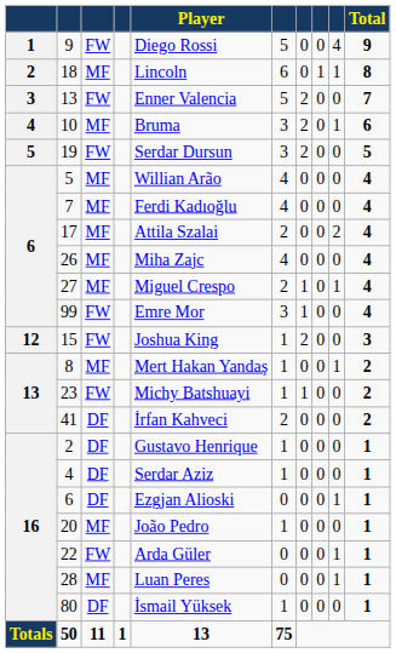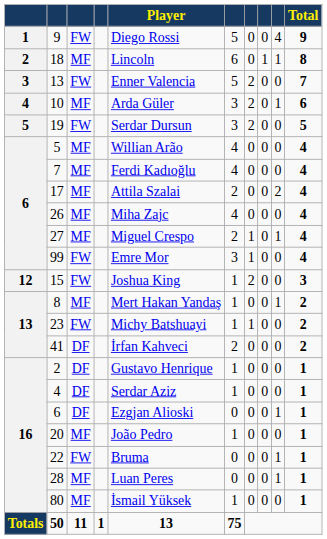 <table class="wikitable" style="text-align:center">
 <tr>
 <th style="background:#163962; color:#FFF000; "></th>
 <th style="background:#163962; color:#FFF000; "></th>
 <th style="background:#163962; color:#FFF000; "></th>
 <th style="background:#163962; color:#FFF000; "></th>
 <th style="background:#163962; color:#FFF000; ">Player</th>
 <th style="background:#163962; color:#FFF000; "></th>
 <th style="background:#163962; color:#FFF000; "></th>
 <th style="background:#163962; color:#FFF000; "></th>
 <th style="background:#163962; color:#FFF000; "></th>
 <th style="background:#163962; color:#FFF000; ">Total</th>
 </tr>
 <tr>
 <th>1</th>
 <td>9</td>
 <td><a href='#'>FW</a></td>
 <td></td>
 <td align=left><a href='#'>Diego Rossi</a></td>
 <td>5</td>
 <td>0</td>
 <td>0</td>
 <td>4</td>
 <td><strong>9</strong></td>
 </tr>
 <tr>
 <th rowspan="1">2</th>
 <td>18</td>
 <td><a href='#'>MF</a></td>
 <td></td>
 <td align=left><a href='#'>Lincoln</a></td>
 <td>6</td>
 <td>0</td>
 <td>1</td>
 <td>1</td>
 <td><strong>8</strong></td>
 </tr>
 <tr>
 <th rowspan="1">3</th>
 <td>13</td>
 <td><a href='#'>FW</a></td>
 <td></td>
 <td align=left><a href='#'>Enner Valencia</a></td>
 <td>5</td>
 <td>2</td>
 <td>0</td>
 <td>0</td>
 <td><strong>7</strong></td>
 </tr>
 <tr>
 <th rowspan="1">4</th>
 <td>10</td>
 <td><a href='#'>MF</a></td>
 <td></td>
-<td align=left><a href='#'>Bruma</a></td>
+<td align=left><a href='#'>Arda Güler</a></td>
 <td>3</td>
 <td>2</td>
 <td>0</td>
 <td>1</td>
 <td><strong>6</strong></td>
 </tr>
 <tr>
 <th rowspan="1">5</th>
 <td>19</td>
 <td><a href='#'>FW</a></td>
 <td></td>
 <td align=left><a href='#'>Serdar Dursun</a></td>
 <td>3</td>
 <td>2</td>
 <td>0</td>
 <td>0</td>
 <td><strong>5</strong></td>
 </tr>
 <tr>
 <th rowspan="6">6</th>
 <td>5</td>
 <td><a href='#'>MF</a></td>
 <td></td>
 <td align=left><a href='#'>Willian Arão</a></td>
 <td>4</td>
 <td>0</td>
 <td>0</td>
 <td>0</td>
 <td><strong>4</strong></td>
 </tr>
 <tr>
 <td>7</td>
 <td><a href='#'>MF</a></td>
 <td></td>
 <td align=left><a href='#'>Ferdi Kadıoğlu</a></td>
 <td>4</td>
 <td>0</td>
 <td>0</td>
 <td>0</td>
 <td><strong>4</strong></td>
 </tr>
 <tr>
 <td>17</td>
 <td><a href='#'>MF</a></td>
 <td></td>
 <td align=left><a href='#'>Attila Szalai</a></td>
 <td>2</td>
 <td>0</td>
 <td>0</td>
 <td>2</td>
 <td><strong>4</strong></td>
 </tr>
 <tr>
 <td>26</td>
 <td><a href='#'>MF</a></td>
 <td></td>
 <td align=left><a href='#'>Miha Zajc</a></td>
 <td>4</td>
 <td>0</td>
 <td>0</td>
 <td>0</td>
 <td><strong>4</strong></td>
 </tr>
 <tr>
 <td>27</td>
 <td><a href='#'>MF</a></td>
 <td></td>
 <td align=left><a href='#'>Miguel Crespo</a></td>
 <td>2</td>
 <td>1</td>
 <td>0</td>
 <td>1</td>
 <td><strong>4</strong></td>
 </tr>
 <tr>
 <td>99</td>
 <td><a href='#'>FW</a></td>
 <td></td>
 <td align=left><a href='#'>Emre Mor</a></td>
 <td>3</td>
 <td>1</td>
 <td>0</td>
 <td>0</td>
 <td><strong>4</strong></td>
 </tr>
 <tr>
 <th rowspan="1">12</th>
 <td>15</td>
 <td><a href='#'>FW</a></td>
 <td></td>
 <td align=left><a href='#'>Joshua King</a></td>
 <td>1</td>
 <td>2</td>
 <td>0</td>
 <td>0</td>
 <td><strong>3</strong></td>
 </tr>
 <tr>
 <th rowspan="3">13</th>
 <td>8</td>
 <td><a href='#'>MF</a></td>
 <td></td>
 <td align=left><a href='#'>Mert Hakan Yandaş</a></td>
 <td>1</td>
 <td>0</td>
 <td>0</td>
 <td>1</td>
 <td><strong>2</strong></td>
 </tr>
 <tr>
 <td>23</td>
 <td><a href='#'>FW</a></td>
 <td></td>
 <td align=left><a href='#'>Michy Batshuayi</a></td>
 <td>1</td>
 <td>1</td>
 <td>0</td>
 <td>0</td>
 <td><strong>2</strong></td>
 </tr>
 <tr>
 <td>41</td>
 <td><a href='#'>DF</a></td>
 <td></td>
 <td align=left><a href='#'>İrfan Kahveci</a></td>
 <td>2</td>
 <td>0</td>
 <td>0</td>
 <td>0</td>
 <td><strong>2</strong></td>
 </tr>
 <tr>
 <th rowspan="7">16</th>
 <td>2</td>
 <td><a href='#'>DF</a></td>
 <td></td>
 <td align=left><a href='#'>Gustavo Henrique</a></td>
 <td>1</td>
 <td>0</td>
 <td>0</td>
 <td>0</td>
 <td><strong>1</strong></td>
 </tr>
 <tr>
 <td>4</td>
 <td><a href='#'>DF</a></td>
 <td></td>
 <td align=left><a href='#'>Serdar Aziz</a></td>
 <td>1</td>
 <td>0</td>
 <td>0</td>
 <td>0</td>
 <td><strong>1</strong></td>
 </tr>
 <tr>
 <td>6</td>
 <td><a href='#'>DF</a></td>
 <td></td>
 <td align=left><a href='#'>Ezgjan Alioski</a></td>
 <td>0</td>
 <td>0</td>
 <td>0</td>
 <td>1</td>
 <td><strong>1</strong></td>
 </tr>
 <tr>
 <td>20</td>
 <td><a href='#'>MF</a></td>
 <td></td>
 <td align=left><a href='#'>João Pedro</a></td>
 <td>1</td>
 <td>0</td>
 <td>0</td>
 <td>0</td>
 <td><strong>1</strong></td>
 </tr>
 <tr>
 <td>22</td>
 <td><a href='#'>FW</a></td>
 <td></td>
-<td align=left><a href='#'>Arda Güler</a></td>
+<td align=left><a href='#'>Bruma</a></td>
 <td>0</td>
 <td>0</td>
 <td>0</td>
 <td>1</td>
 <td><strong>1</strong></td>
 </tr>
 <tr>
 <td>28</td>
 <td><a href='#'>MF</a></td>
 <td></td>
 <td align=left><a href='#'>Luan Peres</a></td>
 <td>0</td>
 <td>0</td>
 <td>0</td>
 <td>1</td>
 <td><strong>1</strong></td>
 </tr>
 <tr>
 <td>80</td>
-<td><a href='#'>DF</a></td>
+<td><a href='#'>MF</a></td>
 <td></td>
 <td align=left><a href='#'>İsmail Yüksek</a></td>
 <td>1</td>
 <td>0</td>
 <td>0</td>
 <td>0</td>
 <td><strong>1</strong></td>
 </tr>
 <tr>
 <td style="background:#163962; color:#FFF000; "><strong>Totals</strong></td>
 <td><strong>50</strong></td>
 <td><strong>11</strong></td>
 <td><strong>1</strong></td>
 <td><strong>13</strong></td>
 <td><strong>75</strong></td>
 </tr>
 </table>
